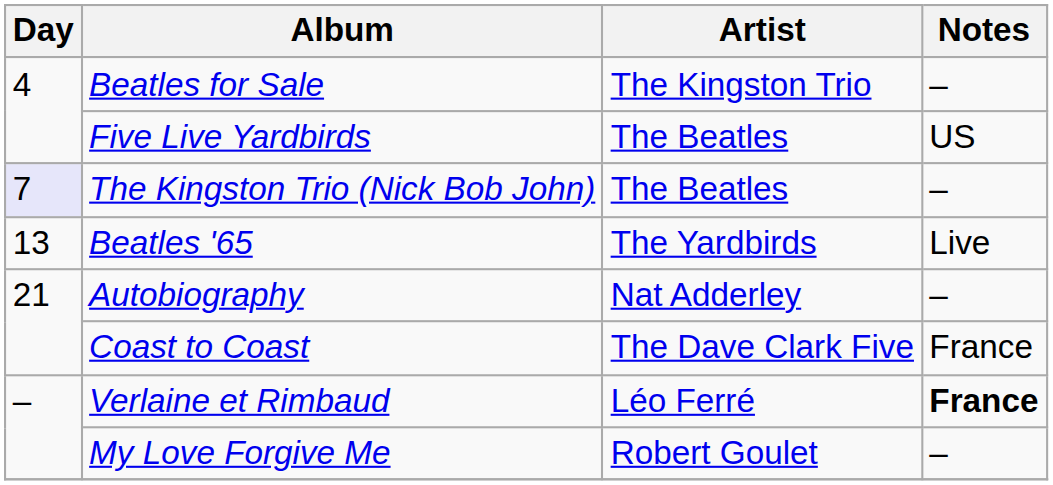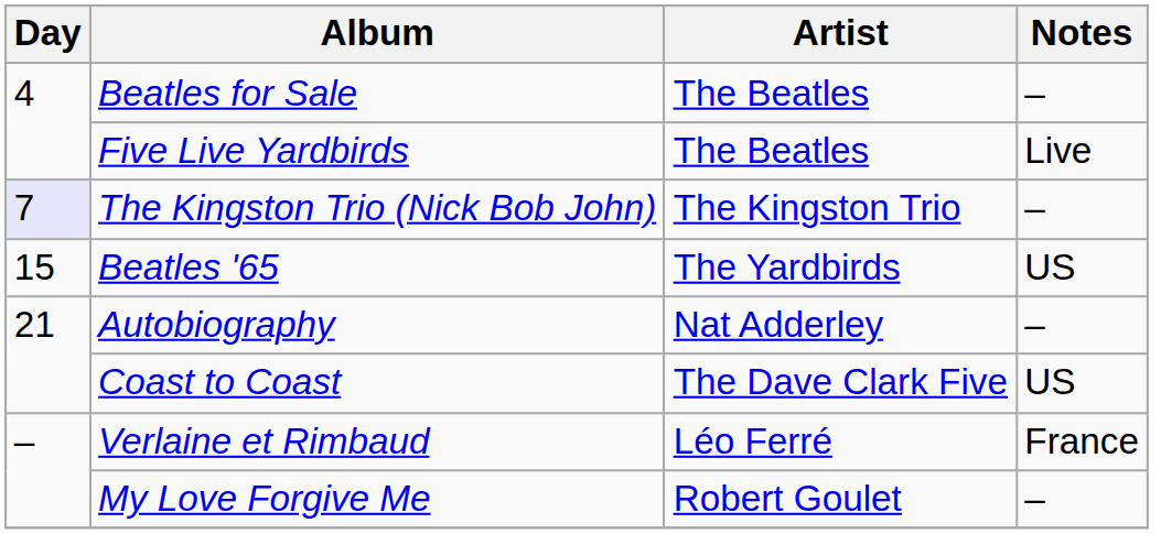 <table class="wikitable">
 <tr>
 <th>Day</th>
 <th>Album</th>
 <th>Artist</th>
 <th>Notes</th>
 </tr>
 <tr>
 <td rowspan="2" style="vertical-align:top;">4</td>
 <td><em><a href='#'>Beatles for Sale</a></em></td>
-<td><a href='#'>The Kingston Trio</a></td>
+<td><a href='#'>The Beatles</a></td>
 <td>–</td>
 </tr>
 <tr>
 <td><em><a href='#'>Five Live Yardbirds</a></em></td>
 <td><a href='#'>The Beatles</a></td>
-<td>US</td>
+<td>Live</td>
 </tr>
 <tr>
 <td style="background: lavender; vertical-align:top;">7</td>
 <td><em><a href='#'>The Kingston Trio (Nick Bob John)</a></em></td>
-<td><a href='#'>The Beatles</a></td>
+<td><a href='#'>The Kingston Trio</a></td>
 <td>–</td>
 </tr>
 <tr>
-<td style="vertical-align:top;">13</td>
+<td style="vertical-align:top;">15</td>
 <td><em><a href='#'>Beatles '65</a></em></td>
 <td><a href='#'>The Yardbirds</a></td>
-<td>Live</td>
+<td>US</td>
 </tr>
 <tr>
 <td rowspan="2" style="vertical-align:top;">21</td>
 <td><em><a href='#'>Autobiography</a></em></td>
 <td><a href='#'>Nat Adderley</a></td>
 <td>–</td>
 </tr>
 <tr>
 <td><em><a href='#'>Coast to Coast</a></em></td>
 <td><a href='#'>The Dave Clark Five</a></td>
-<td>France</td>
+<td>US</td>
 </tr>
 <tr>
 <td rowspan="2" style="vertical-align:top;">–</td>
 <td><em><a href='#'>Verlaine et Rimbaud</a></em></td>
 <td><a href='#'>Léo Ferré</a></td>
-<td><strong>France</strong></td>
+<td>France</td>
 </tr>
 <tr>
 <td><em><a href='#'>My Love Forgive Me</a></em></td>
 <td><a href='#'>Robert Goulet</a></td>
 <td>–</td>
 </tr>
 <tr>
 </tr>
 </table>
